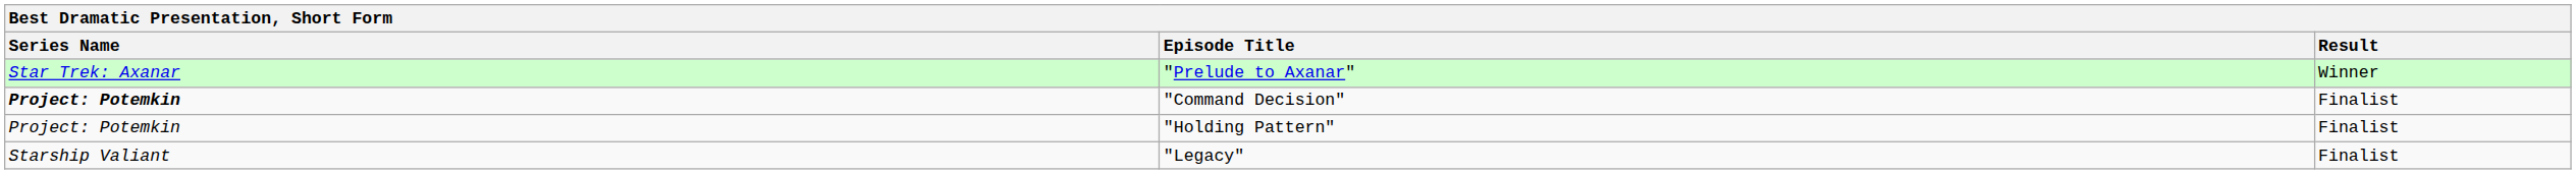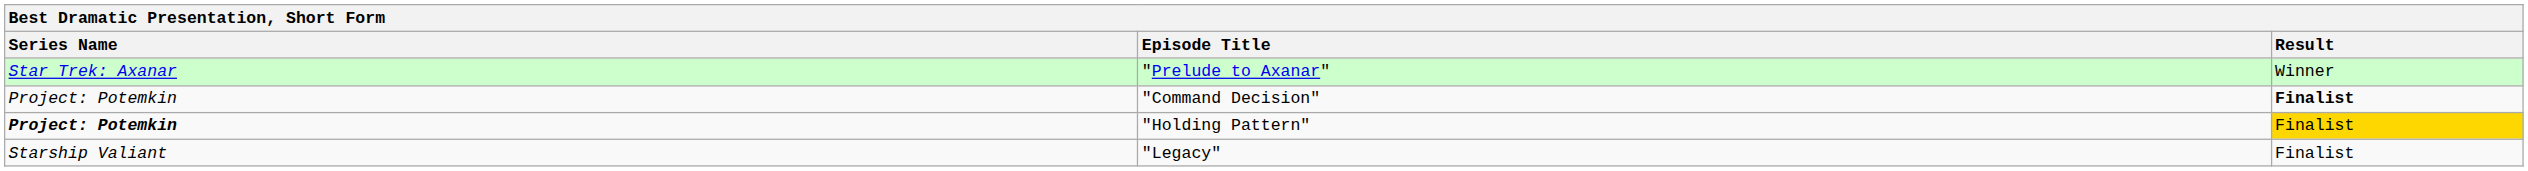 <table class="wikitable" width=100%>
 <tr>
 <th colspan="4" ! style="text-align:left;">Best Dramatic Presentation, Short Form</th>
 </tr>
 <tr>
 <th style="text-align:left; width: 45%;"><strong>Series Name</strong></th>
 <th style="text-align:left; width: 45%;"><strong>Episode Title</strong></th>
 <th style="text-align:left; width: 10%;"><strong>Result</strong></th>
 </tr>
 <tr style="background-color:#ccffcc;">
 <td><em><a href='#'>Star Trek: Axanar</a></em></td>
 <td>"<a href='#'>Prelude to Axanar</a>"</td>
 <td>Winner</td>
 </tr>
 <tr>
-<td><strong><em>Project: Potemkin</em></strong></td>
+<td><em>Project: Potemkin</em></td>
 <td>"Command Decision"</td>
-<td>Finalist</td>
+<td><strong>Finalist</strong></td>
 </tr>
 <tr>
-<td><em>Project: Potemkin</em></td>
+<td><strong><em>Project: Potemkin</em></strong></td>
 <td>"Holding Pattern"</td>
-<td>Finalist</td>
+<td style="background: gold;">Finalist</td>
 </tr>
 <tr>
 <td><em>Starship Valiant</em></td>
 <td>"Legacy"</td>
 <td>Finalist</td>
 </tr>
 </table>
